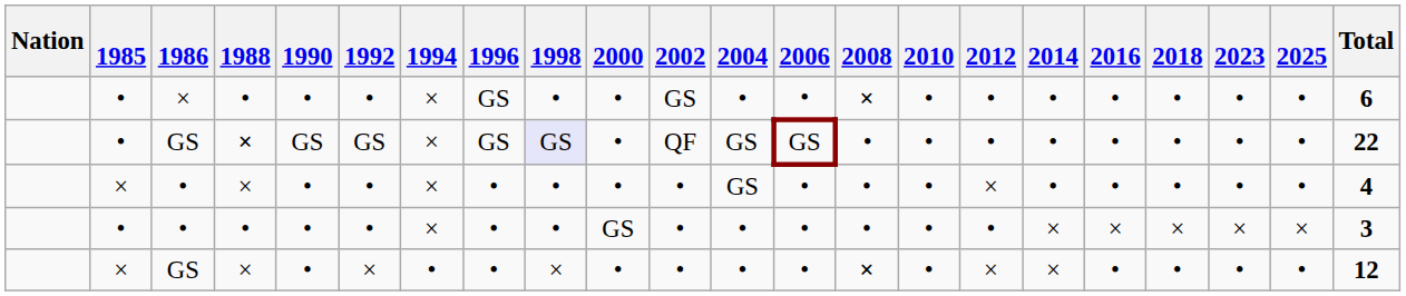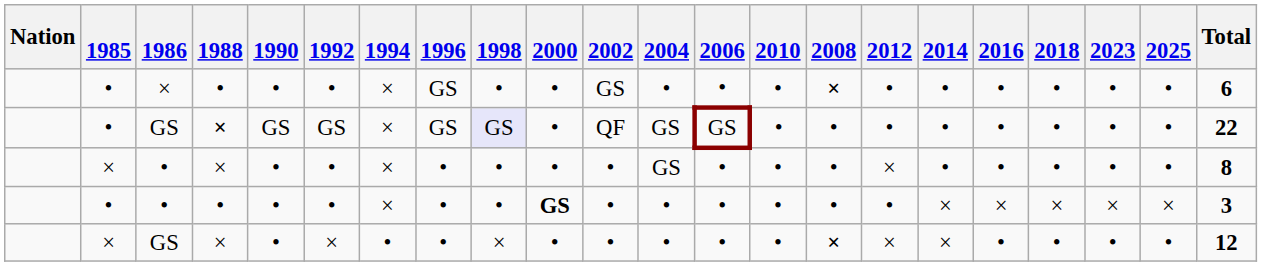 <table class="wikitable" style="text-align:center; font-size:95%;">
 <tr>
 <th>Nation</th>
 <th><br><a href='#'>1985</a></th>
 <th><br><a href='#'>1986</a></th>
 <th><br><a href='#'>1988</a></th>
 <th><br><a href='#'>1990</a></th>
 <th><br><a href='#'>1992</a></th>
 <th><br><a href='#'>1994</a></th>
 <th><br><a href='#'>1996</a></th>
 <th><br><a href='#'>1998</a></th>
 <th><br><a href='#'>2000</a></th>
 <th><br><a href='#'>2002</a></th>
 <th><br><a href='#'>2004</a></th>
 <th><br><a href='#'>2006</a></th>
+<th><br><a href='#'>2010</a></th>
 <th><br><a href='#'>2008</a></th>
-<th><br><a href='#'>2010</a></th>
 <th><br><a href='#'>2012</a></th>
 <th><br><a href='#'>2014</a></th>
 <th><br><a href='#'>2016</a></th>
 <th><br><a href='#'>2018</a></th>
 <th><br><a href='#'>2023</a></th>
 <th><br><a href='#'>2025</a></th>
 <th>Total</th>
 </tr>
 <tr>
 <td align=left></td>
 <td>•</td>
 <td>×</td>
 <td>•</td>
 <td>•</td>
 <td>•</td>
 <td>×</td>
 <td>GS</td>
 <td>•</td>
 <td>•</td>
 <td>GS</td>
 <td>•</td>
 <td>•</td>
+<td>•</td>
 <td><strong>×</strong></td>
-<td>•</td>
 <td>•</td>
 <td>•</td>
 <td>•</td>
 <td>•</td>
 <td>•</td>
 <td>•</td>
 <td><strong>6</strong></td>
 </tr>
 <tr>
 <td align=left></td>
 <td>•</td>
 <td>GS</td>
 <td><strong>×</strong></td>
 <td>GS</td>
 <td>GS</td>
 <td>×</td>
 <td>GS</td>
 <td style="background: lavender;">GS</td>
 <td>•</td>
 <td>QF</td>
 <td>GS</td>
 <td style="border:3px solid darkred;">GS</td>
 <td>•</td>
 <td>•</td>
 <td>•</td>
 <td>•</td>
 <td>•</td>
 <td>•</td>
 <td>•</td>
 <td>•</td>
 <td><strong>22</strong></td>
 </tr>
 <tr>
 <td align=left></td>
 <td>×</td>
 <td>•</td>
 <td>×</td>
 <td>•</td>
 <td>•</td>
 <td>×</td>
 <td>•</td>
 <td>•</td>
 <td>•</td>
 <td>•</td>
 <td>GS</td>
 <td>•</td>
 <td>•</td>
 <td>•</td>
 <td>×</td>
 <td>•</td>
 <td>•</td>
 <td>•</td>
 <td>•</td>
 <td>•</td>
-<td><strong>4</strong></td>
+<td><strong>8</strong></td>
 </tr>
 <tr>
 <td align=left></td>
 <td>•</td>
 <td>•</td>
 <td>•</td>
 <td>•</td>
 <td>•</td>
 <td>×</td>
 <td>•</td>
 <td>•</td>
-<td>GS</td>
+<td><strong>GS</strong></td>
 <td>•</td>
 <td>•</td>
 <td>•</td>
 <td>•</td>
 <td>•</td>
 <td>•</td>
 <td>×</td>
 <td>×</td>
 <td>×</td>
 <td>×</td>
 <td>×</td>
 <td><strong>3</strong></td>
 </tr>
 <tr>
 <td align=left></td>
 <td>×</td>
 <td>GS</td>
 <td>×</td>
 <td>•</td>
 <td>×</td>
 <td>•</td>
 <td>•</td>
 <td>×</td>
 <td>•</td>
 <td>•</td>
 <td>•</td>
 <td>•</td>
+<td>•</td>
 <td><strong>×</strong></td>
-<td>•</td>
 <td>×</td>
 <td>×</td>
 <td>•</td>
 <td>•</td>
 <td>•</td>
 <td>•</td>
 <td><strong>12</strong></td>
 </tr>
 </table>
